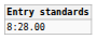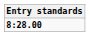 <table class="wikitable" border="1" align="upright">
 <tr>
 <th>Entry standards</th>
 </tr>
 <tr>
-<td>8:28.00</td>
+<td><strong>8:28.00</strong></td>
 </tr>
 </table>
